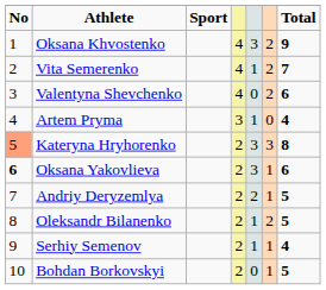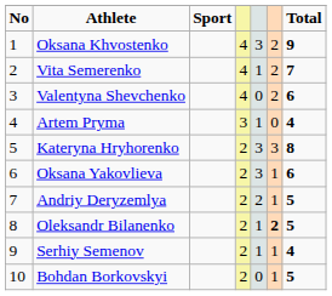 <table class="wikitable">
 <tr style="background:#efefef;">
 </tr>
 <tr align=center>
 <td><strong>No</strong></td>
 <td><strong>Athlete</strong></td>
 <td><strong>Sport</strong></td>
 <td bgcolor=#f7f6a8></td>
 <td bgcolor=#dce5e5></td>
 <td bgcolor=#ffdab9></td>
 <td><strong>Total</strong></td>
 </tr>
 <tr>
 <td>1</td>
 <td><a href='#'>Oksana Khvostenko</a></td>
 <td></td>
 <td bgcolor=#f7f6a8>4</td>
 <td bgcolor=#dce5e5>3</td>
 <td bgcolor=#ffdab9>2</td>
 <td><strong>9</strong></td>
 </tr>
 <tr>
 <td>2</td>
 <td><a href='#'>Vita Semerenko</a></td>
 <td></td>
 <td bgcolor=#f7f6a8>4</td>
 <td bgcolor=#dce5e5>1</td>
 <td bgcolor=#ffdab9>2</td>
 <td><strong>7</strong></td>
 </tr>
 <tr>
 <td>3</td>
 <td><a href='#'>Valentyna Shevchenko</a></td>
 <td></td>
 <td bgcolor=#f7f6a8>4</td>
 <td bgcolor=#dce5e5>0</td>
 <td bgcolor=#ffdab9>2</td>
 <td><strong>6</strong></td>
 </tr>
 <tr>
 <td>4</td>
 <td><a href='#'>Artem Pryma</a></td>
 <td></td>
 <td bgcolor=#f7f6a8>3</td>
 <td bgcolor=#dce5e5>1</td>
 <td bgcolor=#ffdab9>0</td>
 <td><strong>4</strong></td>
 </tr>
 <tr>
-<td style="background: lightsalmon;">5</td>
+<td>5</td>
 <td><a href='#'>Kateryna Hryhorenko</a></td>
 <td></td>
 <td bgcolor=#f7f6a8>2</td>
 <td bgcolor=#dce5e5>3</td>
 <td bgcolor=#ffdab9>3</td>
 <td><strong>8</strong></td>
 </tr>
 <tr>
-<td><strong>6</strong></td>
+<td>6</td>
 <td><a href='#'>Oksana Yakovlieva</a></td>
 <td></td>
 <td bgcolor=#f7f6a8>2</td>
 <td bgcolor=#dce5e5>3</td>
 <td bgcolor=#ffdab9>1</td>
 <td><strong>6</strong></td>
 </tr>
 <tr>
 <td>7</td>
 <td><a href='#'>Andriy Deryzemlya</a></td>
 <td></td>
 <td bgcolor=#f7f6a8>2</td>
 <td bgcolor=#dce5e5>2</td>
 <td bgcolor=#ffdab9>1</td>
 <td><strong>5</strong></td>
 </tr>
 <tr>
 <td>8</td>
 <td><a href='#'>Oleksandr Bilanenko</a></td>
 <td></td>
 <td bgcolor=#f7f6a8>2</td>
 <td bgcolor=#dce5e5>1</td>
-<td bgcolor=#ffdab9>2</td>
+<td bgcolor=#ffdab9><strong>2</strong></td>
 <td><strong>5</strong></td>
 </tr>
 <tr>
 <td>9</td>
 <td><a href='#'>Serhiy Semenov</a></td>
 <td></td>
 <td bgcolor=#f7f6a8>2</td>
 <td bgcolor=#dce5e5>1</td>
 <td bgcolor=#ffdab9>1</td>
 <td><strong>4</strong></td>
 </tr>
 <tr>
 <td>10</td>
 <td><a href='#'>Bohdan Borkovskyi</a></td>
 <td></td>
 <td bgcolor=#f7f6a8>2</td>
 <td bgcolor=#dce5e5>0</td>
 <td bgcolor=#ffdab9>1</td>
 <td><strong>5</strong></td>
 </tr>
 </table>
